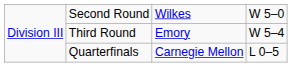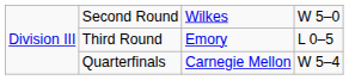 <table class="wikitable">
 <tr>
 <td rowspan="5"><a href='#'>Division III</a></td>
 <td>Second Round</td>
 <td><a href='#'>Wilkes</a></td>
 <td>W 5–0</td>
 </tr>
 <tr>
 <td>Third Round</td>
 <td><a href='#'>Emory</a></td>
-<td>W 5–4</td>
+<td>L 0–5</td>
 </tr>
 <tr>
 <td>Quarterfinals</td>
 <td><a href='#'>Carnegie Mellon</a></td>
-<td>L 0–5</td>
+<td>W 5–4</td>
 </tr>
 </table>
